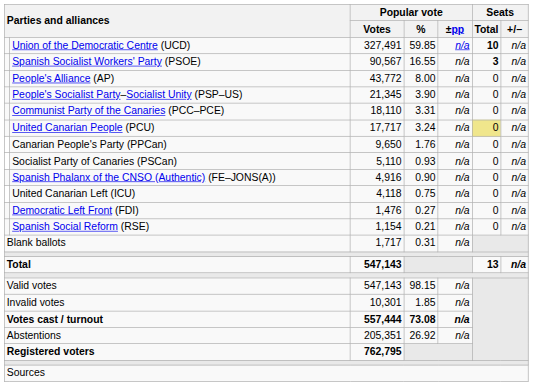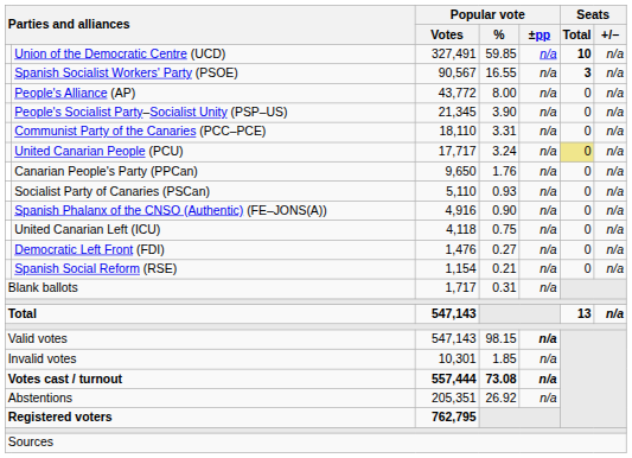 <table class="wikitable" style="text-align:right;">
 <tr>
 <th style="text-align:left;" rowspan="2" colspan="2" width="525">Parties and alliances</th>
 <th colspan="3">Popular vote</th>
 <th colspan="2">Seats</th>
 </tr>
 <tr>
 <th width="75">Votes</th>
 <th width="45">%</th>
 <th width="45">±<a href='#'>pp</a></th>
 <th width="35">Total</th>
 <th width="35">+/−</th>
 </tr>
 <tr>
 <td width="1" style="color:inherit;background:"></td>
 <td align="left"><a href='#'>Union of the Democratic Centre</a> (UCD)</td>
 <td>327,491</td>
 <td>59.85</td>
 <td><em><a href='#'>n/a</a></em></td>
 <td><strong>10</strong></td>
 <td><em>n/a</em></td>
 </tr>
 <tr>
 <td style="color:inherit;background:"></td>
 <td align="left"><a href='#'>Spanish Socialist Workers' Party</a> (PSOE)</td>
 <td>90,567</td>
 <td>16.55</td>
 <td><em>n/a</em></td>
 <td><strong>3</strong></td>
 <td><em>n/a</em></td>
 </tr>
 <tr>
 <td style="color:inherit;background:"></td>
 <td align="left"><a href='#'>People's Alliance</a> (AP)</td>
 <td>43,772</td>
 <td>8.00</td>
 <td><em>n/a</em></td>
 <td>0</td>
 <td><em>n/a</em></td>
 </tr>
 <tr>
 <td style="color:inherit;background:"></td>
 <td align="left"><a href='#'>People's Socialist Party</a>–<a href='#'>Socialist Unity</a> (PSP–US)</td>
 <td>21,345</td>
 <td>3.90</td>
 <td><em>n/a</em></td>
 <td>0</td>
 <td><em>n/a</em></td>
 </tr>
 <tr>
 <td style="color:inherit;background:"></td>
 <td align="left"><a href='#'>Communist Party of the Canaries</a> (PCC–PCE)</td>
 <td>18,110</td>
 <td>3.31</td>
 <td><em>n/a</em></td>
 <td>0</td>
 <td><em>n/a</em></td>
 </tr>
 <tr>
 <td style="color:inherit;background:"></td>
 <td align="left"><a href='#'>United Canarian People</a> (PCU)</td>
 <td>17,717</td>
 <td>3.24</td>
 <td><em>n/a</em></td>
 <td style="background: khaki;">0</td>
 <td><em>n/a</em></td>
 </tr>
 <tr>
 <td bgcolor="white"></td>
 <td align="left">Canarian People's Party (PPCan)</td>
 <td>9,650</td>
 <td>1.76</td>
 <td><em>n/a</em></td>
 <td>0</td>
 <td><em>n/a</em></td>
 </tr>
 <tr>
 <td bgcolor="white"></td>
 <td align="left">Socialist Party of Canaries (PSCan)</td>
 <td>5,110</td>
 <td>0.93</td>
 <td><em>n/a</em></td>
 <td>0</td>
 <td><em>n/a</em></td>
 </tr>
 <tr>
 <td style="color:inherit;background:"></td>
 <td align="left"><a href='#'>Spanish Phalanx of the CNSO (Authentic)</a> (FE–JONS(A))</td>
 <td>4,916</td>
 <td>0.90</td>
 <td><em>n/a</em></td>
 <td>0</td>
 <td><em>n/a</em></td>
 </tr>
 <tr>
 <td bgcolor="white"></td>
 <td align="left">United Canarian Left (ICU)</td>
 <td>4,118</td>
 <td>0.75</td>
 <td><em>n/a</em></td>
 <td>0</td>
 <td><em>n/a</em></td>
 </tr>
 <tr>
 <td style="color:inherit;background:"></td>
 <td align="left"><a href='#'>Democratic Left Front</a> (FDI)</td>
 <td>1,476</td>
 <td>0.27</td>
 <td><em>n/a</em></td>
 <td>0</td>
 <td><em>n/a</em></td>
 </tr>
 <tr>
 <td style="color:inherit;background:"></td>
 <td align="left"><a href='#'>Spanish Social Reform</a> (RSE)</td>
 <td>1,154</td>
 <td>0.21</td>
 <td><em>n/a</em></td>
 <td>0</td>
 <td><em>n/a</em></td>
 </tr>
 <tr>
 <td align="left" colspan="2">Blank ballots</td>
 <td>1,717</td>
 <td>0.31</td>
 <td><em>n/a</em></td>
 <td bgcolor="#E9E9E9" colspan="2"></td>
 </tr>
 <tr>
 <td colspan="7" bgcolor="#E9E9E9"></td>
 </tr>
 <tr style="font-weight:bold;">
 <td align="left" colspan="2">Total</td>
 <td>547,143</td>
 <td bgcolor="#E9E9E9" colspan="2"></td>
 <td>13</td>
 <td><em>n/a</em></td>
 </tr>
 <tr>
 <td colspan="7" bgcolor="#E9E9E9"></td>
 </tr>
 <tr>
 <td align="left" colspan="2">Valid votes</td>
 <td>547,143</td>
 <td>98.15</td>
-<td><em>n/a</em></td>
+<td><strong><em>n/a</em></strong></td>
 <td bgcolor="#E9E9E9" colspan="2" rowspan="5"></td>
 </tr>
 <tr>
 <td align="left" colspan="2">Invalid votes</td>
 <td>10,301</td>
 <td>1.85</td>
 <td><em>n/a</em></td>
 </tr>
 <tr style="font-weight:bold;">
 <td align="left" colspan="2">Votes cast / turnout</td>
 <td>557,444</td>
 <td>73.08</td>
 <td><em>n/a</em></td>
 </tr>
 <tr>
 <td align="left" colspan="2">Abstentions</td>
 <td>205,351</td>
 <td>26.92</td>
 <td><em>n/a</em></td>
 </tr>
 <tr style="font-weight:bold;">
 <td align="left" colspan="2">Registered voters</td>
 <td>762,795</td>
 <td bgcolor="#E9E9E9" colspan="2"></td>
 </tr>
 <tr>
 <td colspan="7" bgcolor="#E9E9E9"></td>
 </tr>
 <tr>
 <td align="left" colspan="7">Sources</td>
 </tr>
 </table>
